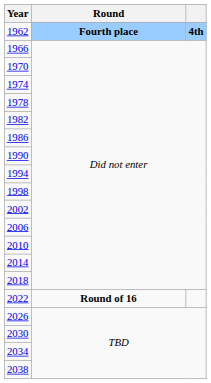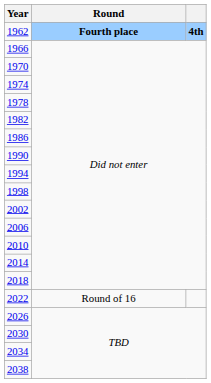 <table class="wikitable" style="text-align: center; font-size:90%">
 <tr>
 <th>Year</th>
 <th style="width:200px">Round</th>
 <th></th>
 </tr>
 <tr>
 <td><a href='#'>1962</a></td>
 <td bgcolor="9acdff"><strong>Fourth place</strong></td>
 <td bgcolor="9acdff"><strong>4th</strong></td>
 </tr>
 <tr>
 <td><a href='#'>1966</a></td>
 <td colspan="2" rowspan="14"><em>Did not enter</em></td>
 </tr>
 <tr>
 <td><a href='#'>1970</a></td>
 </tr>
 <tr>
 <td><a href='#'>1974</a></td>
 </tr>
 <tr>
 <td><a href='#'>1978</a></td>
 </tr>
 <tr>
 <td><a href='#'>1982</a></td>
 </tr>
 <tr>
 <td><a href='#'>1986</a></td>
 </tr>
 <tr>
 <td><a href='#'>1990</a></td>
 </tr>
 <tr>
 <td><a href='#'>1994</a></td>
 </tr>
 <tr>
 <td><a href='#'>1998</a></td>
 </tr>
 <tr>
 <td><a href='#'>2002</a></td>
 </tr>
 <tr>
 <td><a href='#'>2006</a></td>
 </tr>
 <tr>
 <td><a href='#'>2010</a></td>
 </tr>
 <tr>
 <td><a href='#'>2014</a></td>
 </tr>
 <tr>
 <td><a href='#'>2018</a></td>
 </tr>
 <tr>
 <td><a href='#'>2022</a></td>
-<td><strong>Round of 16</strong></td>
+<td>Round of 16</td>
 <td></td>
 </tr>
 <tr>
 <td><a href='#'>2026</a></td>
 <td colspan="2" rowspan="4"><em>TBD</em></td>
 </tr>
 <tr>
 <td><a href='#'>2030</a></td>
 </tr>
 <tr>
 <td><a href='#'>2034</a></td>
 </tr>
 <tr>
 <td><a href='#'>2038</a></td>
 </tr>
 </table>
